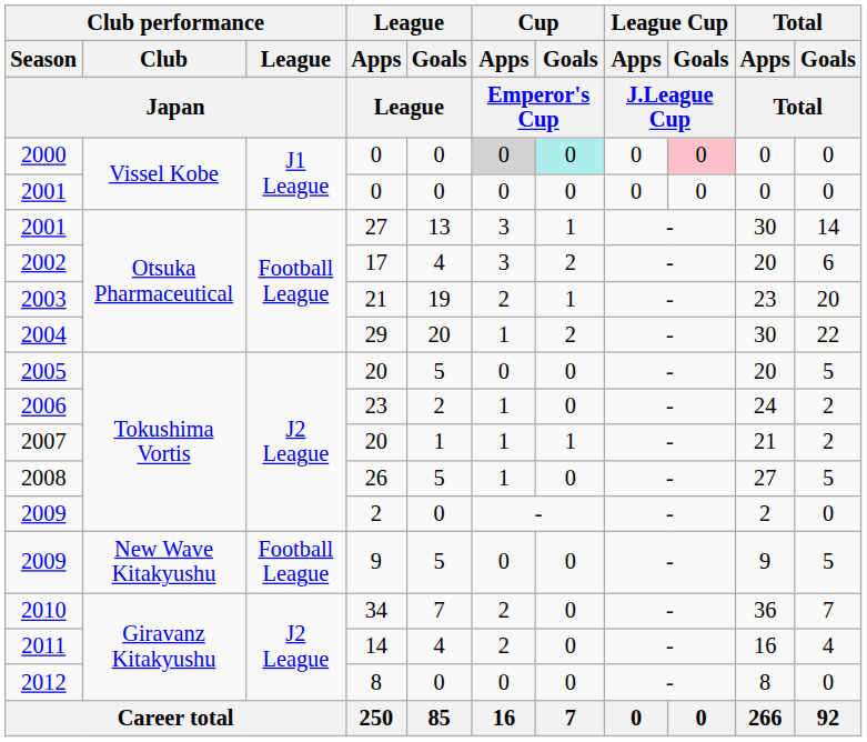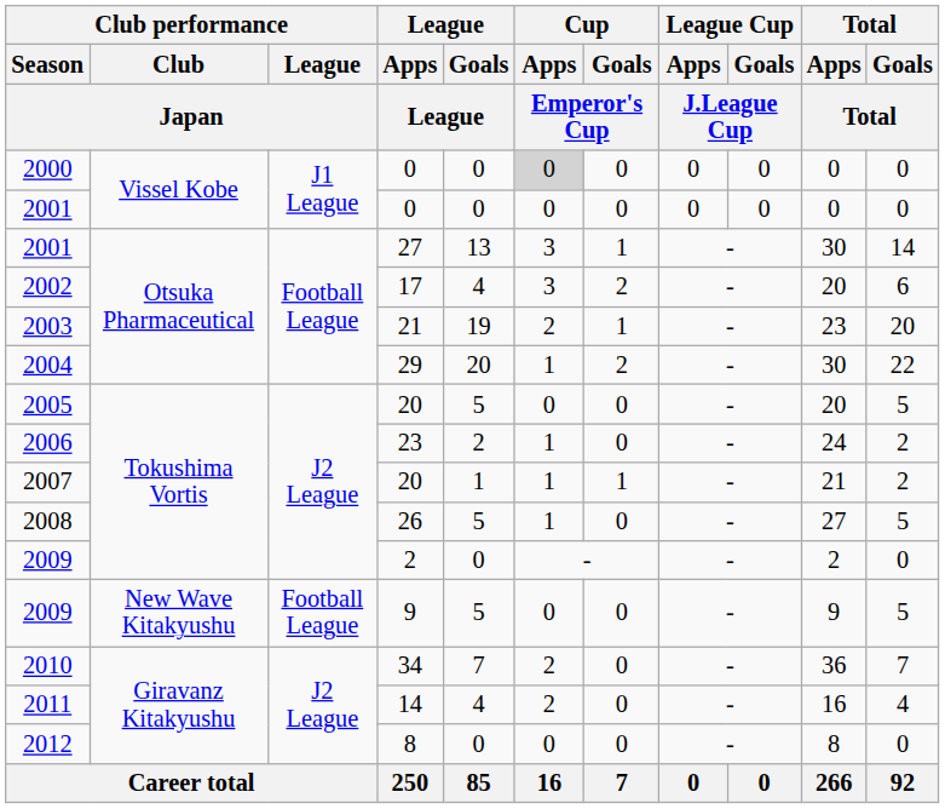 <table class="wikitable" style="text-align:center">
 <tr>
 <th colspan=3>Club performance</th>
 <th colspan=2>League</th>
 <th colspan=2>Cup</th>
 <th colspan=2>League Cup</th>
 <th colspan=2>Total</th>
 </tr>
 <tr>
 <th>Season</th>
 <th>Club</th>
 <th>League</th>
 <th>Apps</th>
 <th>Goals</th>
 <th>Apps</th>
 <th>Goals</th>
 <th>Apps</th>
 <th>Goals</th>
 <th>Apps</th>
 <th>Goals</th>
 </tr>
 <tr>
 <th colspan=3>Japan</th>
 <th colspan=2>League</th>
 <th colspan=2><a href='#'>Emperor's Cup</a></th>
 <th colspan=2><a href='#'>J.League Cup</a></th>
 <th colspan=2>Total</th>
 </tr>
 <tr>
 <td><a href='#'>2000</a></td>
 <td rowspan="2"><a href='#'>Vissel Kobe</a></td>
 <td rowspan="2"><a href='#'>J1 League</a></td>
 <td>0</td>
 <td>0</td>
 <td style="background: lightgrey;">0</td>
-<td style="background: paleturquoise;">0</td>
 <td>0</td>
-<td style="background: pink;">0</td>
+<td>0</td>
+<td>0</td>
 <td>0</td>
 <td>0</td>
 </tr>
 <tr>
 <td><a href='#'>2001</a></td>
 <td>0</td>
 <td>0</td>
 <td>0</td>
 <td>0</td>
 <td>0</td>
 <td>0</td>
 <td>0</td>
 <td>0</td>
 </tr>
 <tr>
 <td><a href='#'>2001</a></td>
 <td rowspan="4"><a href='#'>Otsuka Pharmaceutical</a></td>
 <td rowspan="4"><a href='#'>Football League</a></td>
 <td>27</td>
 <td>13</td>
 <td>3</td>
 <td>1</td>
 <td colspan="2">-</td>
 <td>30</td>
 <td>14</td>
 </tr>
 <tr>
 <td><a href='#'>2002</a></td>
 <td>17</td>
 <td>4</td>
 <td>3</td>
 <td>2</td>
 <td colspan="2">-</td>
 <td>20</td>
 <td>6</td>
 </tr>
 <tr>
 <td><a href='#'>2003</a></td>
 <td>21</td>
 <td>19</td>
 <td>2</td>
 <td>1</td>
 <td colspan="2">-</td>
 <td>23</td>
 <td>20</td>
 </tr>
 <tr>
 <td><a href='#'>2004</a></td>
 <td>29</td>
 <td>20</td>
 <td>1</td>
 <td>2</td>
 <td colspan="2">-</td>
 <td>30</td>
 <td>22</td>
 </tr>
 <tr>
 <td><a href='#'>2005</a></td>
 <td rowspan="5"><a href='#'>Tokushima Vortis</a></td>
 <td rowspan="5"><a href='#'>J2 League</a></td>
 <td>20</td>
 <td>5</td>
 <td>0</td>
 <td>0</td>
 <td colspan="2">-</td>
 <td>20</td>
 <td>5</td>
 </tr>
 <tr>
 <td><a href='#'>2006</a></td>
 <td>23</td>
 <td>2</td>
 <td>1</td>
 <td>0</td>
 <td colspan="2">-</td>
 <td>24</td>
 <td>2</td>
 </tr>
 <tr>
 <td>2007</td>
 <td>20</td>
 <td>1</td>
 <td>1</td>
 <td>1</td>
 <td colspan="2">-</td>
 <td>21</td>
 <td>2</td>
 </tr>
 <tr>
 <td>2008</td>
 <td>26</td>
 <td>5</td>
 <td>1</td>
 <td>0</td>
 <td colspan="2">-</td>
 <td>27</td>
 <td>5</td>
 </tr>
 <tr>
 <td><a href='#'>2009</a></td>
 <td>2</td>
 <td>0</td>
 <td colspan="2">-</td>
 <td colspan="2">-</td>
 <td>2</td>
 <td>0</td>
 </tr>
 <tr>
 <td><a href='#'>2009</a></td>
 <td><a href='#'>New Wave Kitakyushu</a></td>
 <td><a href='#'>Football League</a></td>
 <td>9</td>
 <td>5</td>
 <td>0</td>
 <td>0</td>
 <td colspan="2">-</td>
 <td>9</td>
 <td>5</td>
 </tr>
 <tr>
 <td><a href='#'>2010</a></td>
 <td rowspan="3"><a href='#'>Giravanz Kitakyushu</a></td>
 <td rowspan="3"><a href='#'>J2 League</a></td>
 <td>34</td>
 <td>7</td>
 <td>2</td>
 <td>0</td>
 <td colspan="2">-</td>
 <td>36</td>
 <td>7</td>
 </tr>
 <tr>
 <td><a href='#'>2011</a></td>
 <td>14</td>
 <td>4</td>
 <td>2</td>
 <td>0</td>
 <td colspan="2">-</td>
 <td>16</td>
 <td>4</td>
 </tr>
 <tr>
 <td><a href='#'>2012</a></td>
 <td>8</td>
 <td>0</td>
 <td>0</td>
 <td>0</td>
 <td colspan="2">-</td>
 <td>8</td>
 <td>0</td>
 </tr>
 <tr>
 <th colspan=3>Career total</th>
 <th>250</th>
 <th>85</th>
 <th>16</th>
 <th>7</th>
 <th>0</th>
 <th>0</th>
 <th>266</th>
 <th>92</th>
 </tr>
 </table>
